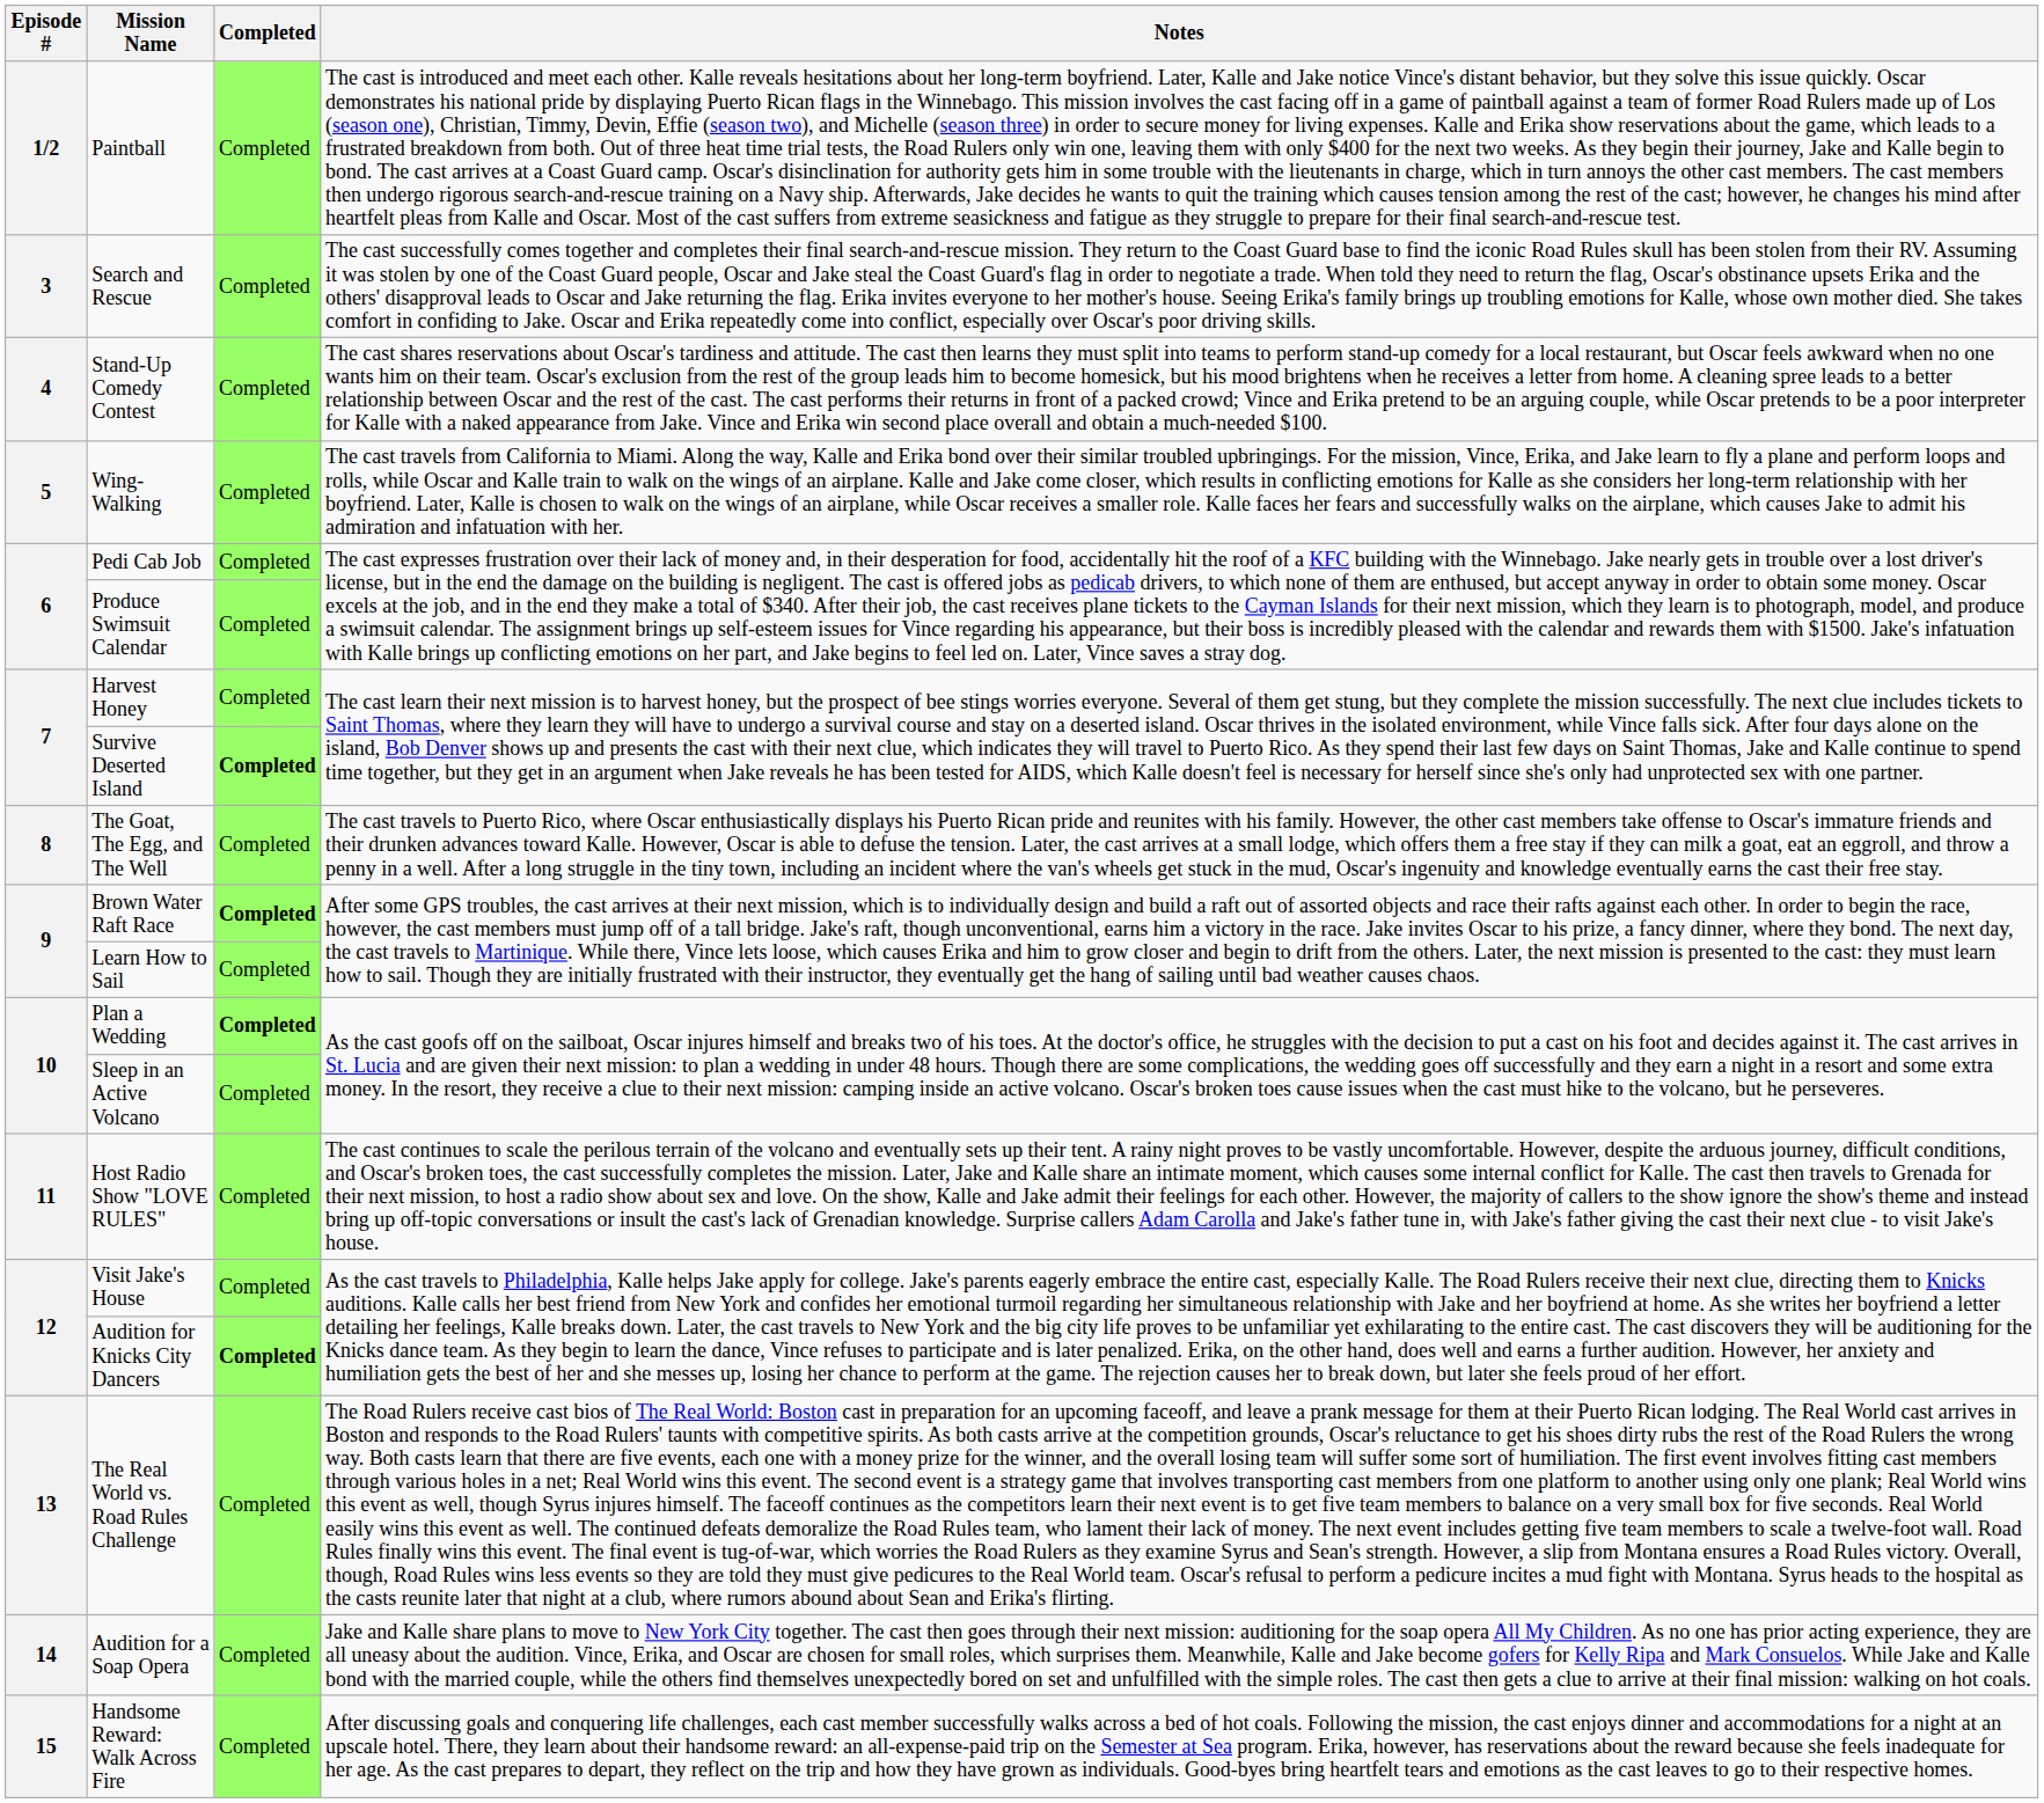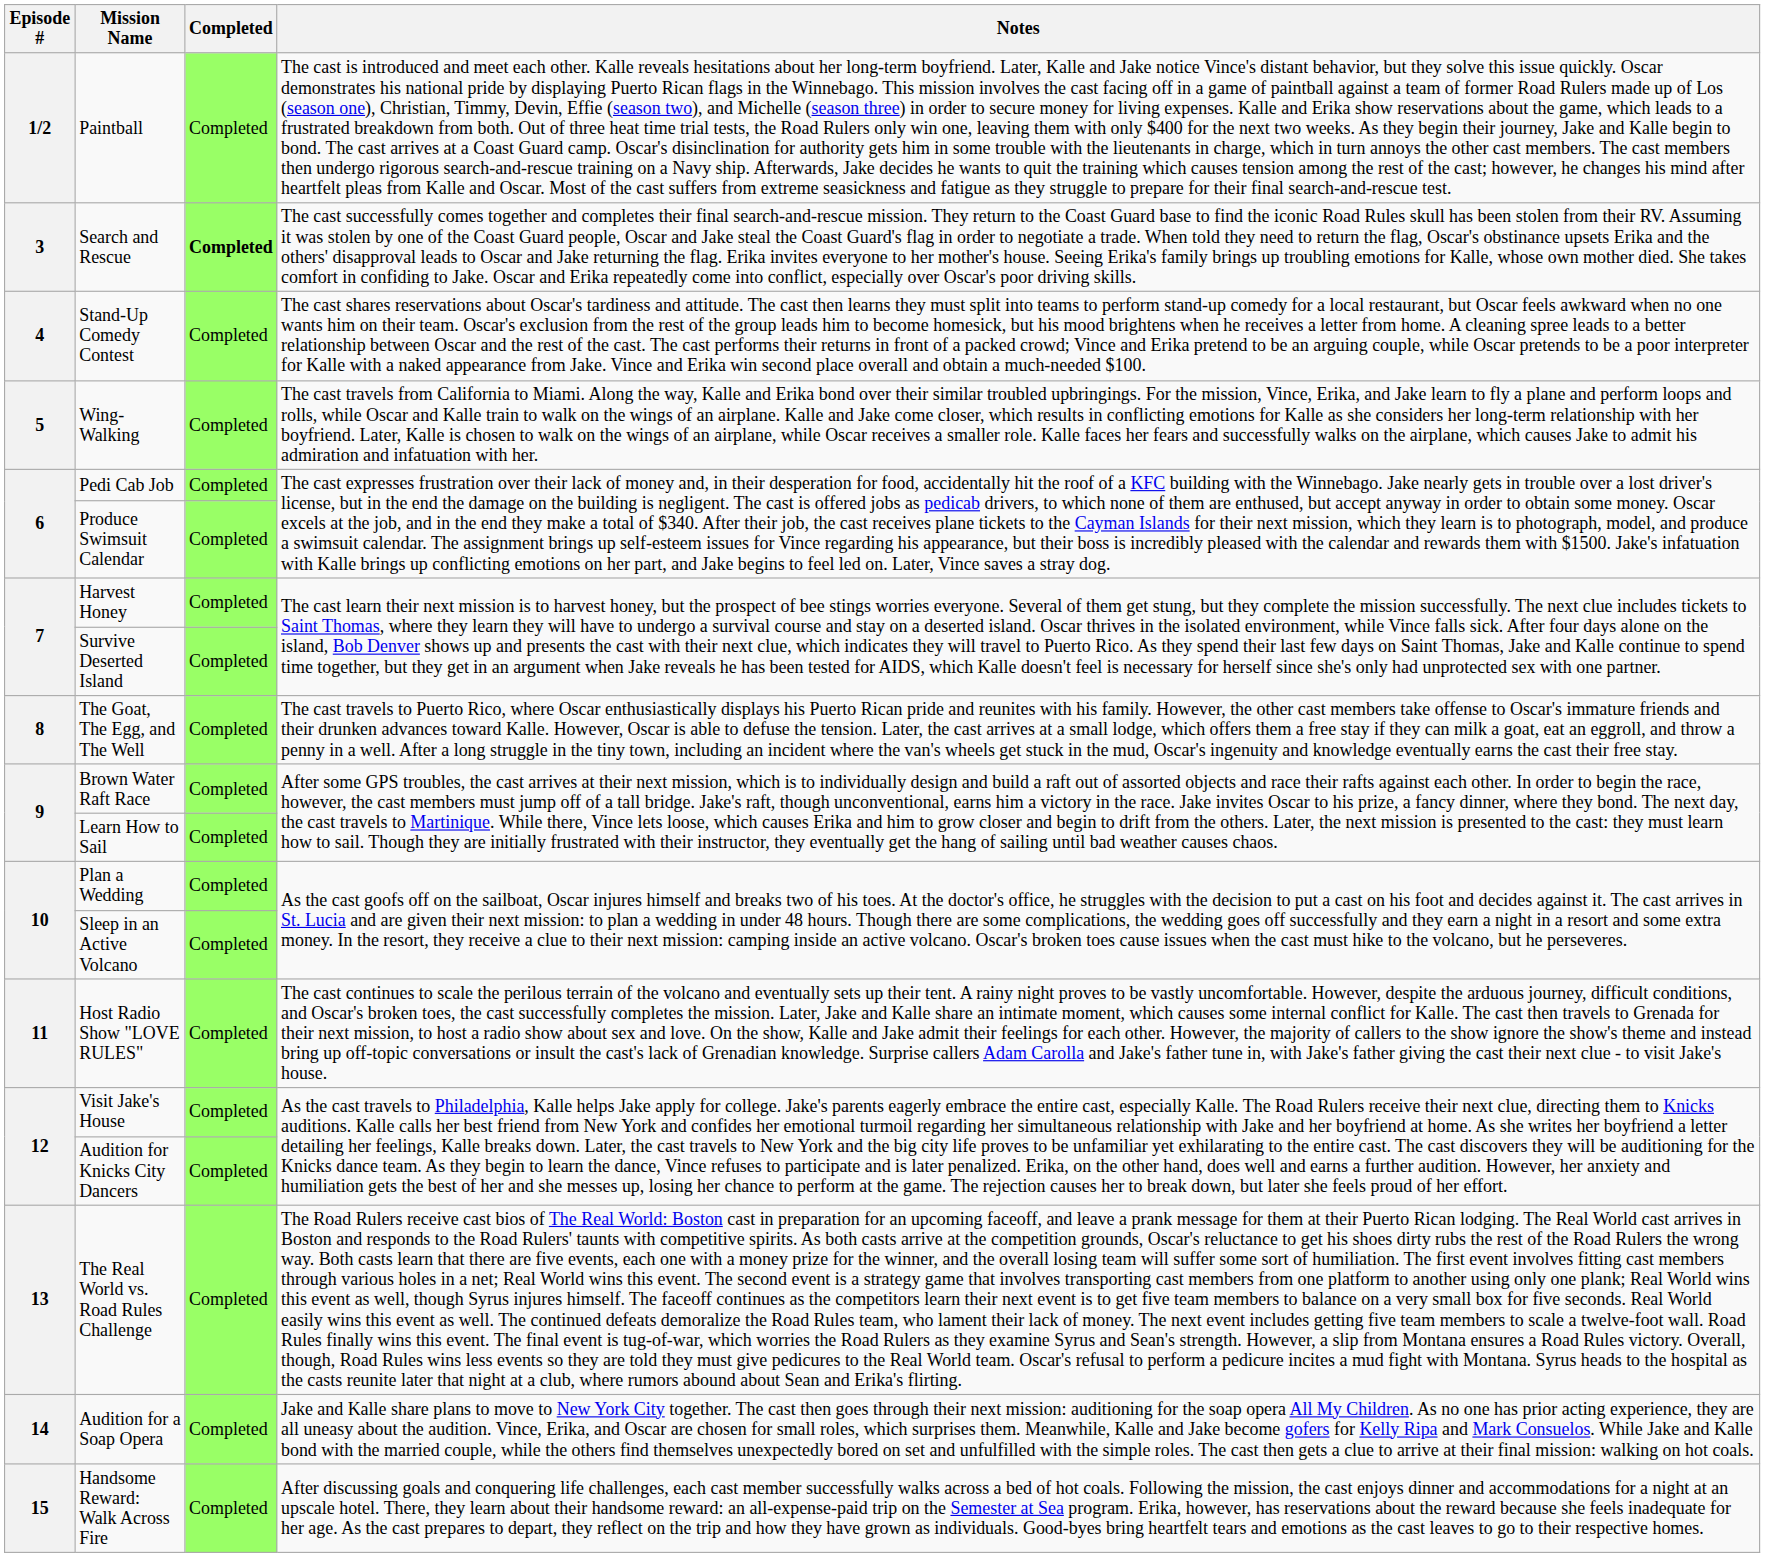 <table class="wikitable">
 <tr>
 <th>Episode #</th>
 <th>Mission Name</th>
 <th>Completed</th>
 <th>Notes</th>
 </tr>
 <tr>
 <th>1/2</th>
 <td>Paintball</td>
 <td bgcolor="#99FF66">Completed</td>
 <td>The cast is introduced and meet each other. Kalle reveals hesitations about her long-term boyfriend. Later, Kalle and Jake notice Vince's distant behavior, but they solve this issue quickly. Oscar demonstrates his national pride by displaying Puerto Rican flags in the Winnebago. This mission involves the cast facing off in a game of paintball against a team of former Road Rulers made up of Los (<a href='#'>season one</a>), Christian, Timmy, Devin, Effie (<a href='#'>season two</a>), and Michelle (<a href='#'>season three</a>) in order to secure money for living expenses. Kalle and Erika show reservations about the game, which leads to a frustrated breakdown from both. Out of three heat time trial tests, the Road Rulers only win one, leaving them with only $400 for the next two weeks. As they begin their journey, Jake and Kalle begin to bond. The cast arrives at a Coast Guard camp. Oscar's disinclination for authority gets him in some trouble with the lieutenants in charge, which in turn annoys the other cast members. The cast members then undergo rigorous search-and-rescue training on a Navy ship. Afterwards, Jake decides he wants to quit the training which causes tension among the rest of the cast; however, he changes his mind after heartfelt pleas from Kalle and Oscar. Most of the cast suffers from extreme seasickness and fatigue as they struggle to prepare for their final search-and-rescue test.</td>
 </tr>
 <tr>
 <th>3</th>
 <td>Search and Rescue</td>
-<td bgcolor="#99FF66">Completed</td>
+<td bgcolor="#99FF66"><strong>Completed</strong></td>
 <td>The cast successfully comes together and completes their final search-and-rescue mission. They return to the Coast Guard base to find the iconic Road Rules skull has been stolen from their RV. Assuming it was stolen by one of the Coast Guard people, Oscar and Jake steal the Coast Guard's flag in order to negotiate a trade. When told they need to return the flag, Oscar's obstinance upsets Erika and the others' disapproval leads to Oscar and Jake returning the flag. Erika invites everyone to her mother's house. Seeing Erika's family brings up troubling emotions for Kalle, whose own mother died. She takes comfort in confiding to Jake. Oscar and Erika repeatedly come into conflict, especially over Oscar's poor driving skills.</td>
 </tr>
 <tr>
 <th>4</th>
 <td>Stand-Up Comedy Contest</td>
 <td bgcolor="#99FF66">Completed</td>
 <td>The cast shares reservations about Oscar's tardiness and attitude. The cast then learns they must split into teams to perform stand-up comedy for a local restaurant, but Oscar feels awkward when no one wants him on their team. Oscar's exclusion from the rest of the group leads him to become homesick, but his mood brightens when he receives a letter from home. A cleaning spree leads to a better relationship between Oscar and the rest of the cast. The cast performs their returns in front of a packed crowd; Vince and Erika pretend to be an arguing couple, while Oscar pretends to be a poor interpreter for Kalle with a naked appearance from Jake. Vince and Erika win second place overall and obtain a much-needed $100.</td>
 </tr>
 <tr>
 <th>5</th>
 <td>Wing-Walking</td>
 <td bgcolor="#99FF66">Completed</td>
 <td>The cast travels from California to Miami. Along the way, Kalle and Erika bond over their similar troubled upbringings. For the mission, Vince, Erika, and Jake learn to fly a plane and perform loops and rolls, while Oscar and Kalle train to walk on the wings of an airplane. Kalle and Jake come closer, which results in conflicting emotions for Kalle as she considers her long-term relationship with her boyfriend. Later, Kalle is chosen to walk on the wings of an airplane, while Oscar receives a smaller role. Kalle faces her fears and successfully walks on the airplane, which causes Jake to admit his admiration and infatuation with her.</td>
 </tr>
 <tr>
 <th rowspan="2">6</th>
 <td>Pedi Cab Job</td>
 <td bgcolor="#99FF66">Completed</td>
 <td rowspan="2">The cast expresses frustration over their lack of money and, in their desperation for food, accidentally hit the roof of a <a href='#'>KFC</a> building with the Winnebago. Jake nearly gets in trouble over a lost driver's license, but in the end the damage on the building is negligent. The cast is offered jobs as <a href='#'>pedicab</a> drivers, to which none of them are enthused, but accept anyway in order to obtain some money. Oscar excels at the job, and in the end they make a total of $340. After their job, the cast receives plane tickets to the <a href='#'>Cayman Islands</a> for their next mission, which they learn is to photograph, model, and produce a swimsuit calendar. The assignment brings up self-esteem issues for Vince regarding his appearance, but their boss is incredibly pleased with the calendar and rewards them with $1500. Jake's infatuation with Kalle brings up conflicting emotions on her part, and Jake begins to feel led on. Later, Vince saves a stray dog.</td>
 </tr>
 <tr>
 <td>Produce Swimsuit Calendar</td>
 <td bgcolor="#99FF66">Completed</td>
 </tr>
 <tr>
 <th rowspan="2">7</th>
 <td>Harvest Honey</td>
 <td bgcolor="#99FF66">Completed</td>
 <td rowspan="2">The cast learn their next mission is to harvest honey, but the prospect of bee stings worries everyone. Several of them get stung, but they complete the mission successfully. The next clue includes tickets to <a href='#'>Saint Thomas</a>, where they learn they will have to undergo a survival course and stay on a deserted island. Oscar thrives in the isolated environment, while Vince falls sick. After four days alone on the island, <a href='#'>Bob Denver</a> shows up and presents the cast with their next clue, which indicates they will travel to Puerto Rico. As they spend their last few days on Saint Thomas, Jake and Kalle continue to spend time together, but they get in an argument when Jake reveals he has been tested for AIDS, which Kalle doesn't feel is necessary for herself since she's only had unprotected sex with one partner.</td>
 </tr>
 <tr>
 <td>Survive Deserted Island</td>
-<td bgcolor="#99FF66"><strong>Completed</strong></td>
+<td bgcolor="#99FF66">Completed</td>
 </tr>
 <tr>
 <th>8</th>
 <td>The Goat, The Egg, and The Well</td>
 <td bgcolor="#99FF66">Completed</td>
 <td>The cast travels to Puerto Rico, where Oscar enthusiastically displays his Puerto Rican pride and reunites with his family. However, the other cast members take offense to Oscar's immature friends and their drunken advances toward Kalle. However, Oscar is able to defuse the tension. Later, the cast arrives at a small lodge, which offers them a free stay if they can milk a goat, eat an eggroll, and throw a penny in a well. After a long struggle in the tiny town, including an incident where the van's wheels get stuck in the mud, Oscar's ingenuity and knowledge eventually earns the cast their free stay.</td>
 </tr>
 <tr>
 <th rowspan="2">9</th>
 <td>Brown Water Raft Race</td>
-<td bgcolor="#99FF66"><strong>Completed</strong></td>
+<td bgcolor="#99FF66">Completed</td>
 <td rowspan="2">After some GPS troubles, the cast arrives at their next mission, which is to individually design and build a raft out of assorted objects and race their rafts against each other. In order to begin the race, however, the cast members must jump off of a tall bridge. Jake's raft, though unconventional, earns him a victory in the race. Jake invites Oscar to his prize, a fancy dinner, where they bond. The next day, the cast travels to <a href='#'>Martinique</a>. While there, Vince lets loose, which causes Erika and him to grow closer and begin to drift from the others. Later, the next mission is presented to the cast: they must learn how to sail. Though they are initially frustrated with their instructor, they eventually get the hang of sailing until bad weather causes chaos.</td>
 </tr>
 <tr>
 <td>Learn How to Sail</td>
 <td bgcolor="#99FF66">Completed</td>
 </tr>
 <tr>
 <th rowspan="2">10</th>
 <td>Plan a Wedding</td>
-<td bgcolor="#99FF66"><strong>Completed</strong></td>
+<td bgcolor="#99FF66">Completed</td>
 <td rowspan="2">As the cast goofs off on the sailboat, Oscar injures himself and breaks two of his toes. At the doctor's office, he struggles with the decision to put a cast on his foot and decides against it. The cast arrives in <a href='#'>St. Lucia</a> and are given their next mission: to plan a wedding in under 48 hours. Though there are some complications, the wedding goes off successfully and they earn a night in a resort and some extra money. In the resort, they receive a clue to their next mission: camping inside an active volcano. Oscar's broken toes cause issues when the cast must hike to the volcano, but he perseveres.</td>
 </tr>
 <tr>
 <td>Sleep in an Active Volcano</td>
 <td bgcolor="#99FF66">Completed</td>
 </tr>
 <tr>
 <th>11</th>
 <td>Host Radio Show "LOVE RULES"</td>
 <td bgcolor="#99FF66">Completed</td>
 <td>The cast continues to scale the perilous terrain of the volcano and eventually sets up their tent. A rainy night proves to be vastly uncomfortable. However, despite the arduous journey, difficult conditions, and Oscar's broken toes, the cast successfully completes the mission. Later, Jake and Kalle share an intimate moment, which causes some internal conflict for Kalle. The cast then travels to Grenada for their next mission, to host a radio show about sex and love. On the show, Kalle and Jake admit their feelings for each other. However, the majority of callers to the show ignore the show's theme and instead bring up off-topic conversations or insult the cast's lack of Grenadian knowledge. Surprise callers <a href='#'>Adam Carolla</a> and Jake's father tune in, with Jake's father giving the cast their next clue - to visit Jake's house.</td>
 </tr>
 <tr>
 <th rowspan="2">12</th>
 <td>Visit Jake's House</td>
 <td bgcolor="#99FF66">Completed</td>
 <td rowspan="2">As the cast travels to <a href='#'>Philadelphia</a>, Kalle helps Jake apply for college. Jake's parents eagerly embrace the entire cast, especially Kalle. The Road Rulers receive their next clue, directing them to <a href='#'>Knicks</a> auditions. Kalle calls her best friend from New York and confides her emotional turmoil regarding her simultaneous relationship with Jake and her boyfriend at home. As she writes her boyfriend a letter detailing her feelings, Kalle breaks down. Later, the cast travels to New York and the big city life proves to be unfamiliar yet exhilarating to the entire cast. The cast discovers they will be auditioning for the Knicks dance team. As they begin to learn the dance, Vince refuses to participate and is later penalized. Erika, on the other hand, does well and earns a further audition. However, her anxiety and humiliation gets the best of her and she messes up, losing her chance to perform at the game. The rejection causes her to break down, but later she feels proud of her effort.</td>
 </tr>
 <tr>
 <td>Audition for Knicks City Dancers</td>
-<td bgcolor="#99FF66"><strong>Completed</strong></td>
+<td bgcolor="#99FF66">Completed</td>
 </tr>
 <tr>
 <th>13</th>
 <td>The Real World vs. Road Rules Challenge</td>
 <td bgcolor="#99FF66">Completed</td>
 <td>The Road Rulers receive cast bios of <a href='#'>The Real World: Boston</a> cast in preparation for an upcoming faceoff, and leave a prank message for them at their Puerto Rican lodging. The Real World cast arrives in Boston and responds to the Road Rulers' taunts with competitive spirits. As both casts arrive at the competition grounds, Oscar's reluctance to get his shoes dirty rubs the rest of the Road Rulers the wrong way. Both casts learn that there are five events, each one with a money prize for the winner, and the overall losing team will suffer some sort of humiliation. The first event involves fitting cast members through various holes in a net; Real World wins this event. The second event is a strategy game that involves transporting cast members from one platform to another using only one plank; Real World wins this event as well, though Syrus injures himself. The faceoff continues as the competitors learn their next event is to get five team members to balance on a very small box for five seconds. Real World easily wins this event as well. The continued defeats demoralize the Road Rules team, who lament their lack of money. The next event includes getting five team members to scale a twelve-foot wall. Road Rules finally wins this event. The final event is tug-of-war, which worries the Road Rulers as they examine Syrus and Sean's strength. However, a slip from Montana ensures a Road Rules victory. Overall, though, Road Rules wins less events so they are told they must give pedicures to the Real World team. Oscar's refusal to perform a pedicure incites a mud fight with Montana. Syrus heads to the hospital as the casts reunite later that night at a club, where rumors abound about Sean and Erika's flirting.</td>
 </tr>
 <tr>
 <th>14</th>
 <td>Audition for a Soap Opera</td>
 <td bgcolor="#99FF66">Completed</td>
 <td>Jake and Kalle share plans to move to <a href='#'>New York City</a> together. The cast then goes through their next mission: auditioning for the soap opera <a href='#'>All My Children</a>. As no one has prior acting experience, they are all uneasy about the audition. Vince, Erika, and Oscar are chosen for small roles, which surprises them. Meanwhile, Kalle and Jake become <a href='#'>gofers</a> for <a href='#'>Kelly Ripa</a> and <a href='#'>Mark Consuelos</a>. While Jake and Kalle bond with the married couple, while the others find themselves unexpectedly bored on set and unfulfilled with the simple roles. The cast then gets a clue to arrive at their final mission: walking on hot coals.</td>
 </tr>
 <tr>
 <th>15</th>
 <td>Handsome Reward: Walk Across Fire</td>
 <td bgcolor="#99FF66">Completed</td>
 <td>After discussing goals and conquering life challenges, each cast member successfully walks across a bed of hot coals. Following the mission, the cast enjoys dinner and accommodations for a night at an upscale hotel. There, they learn about their handsome reward: an all-expense-paid trip on the <a href='#'>Semester at Sea</a> program. Erika, however, has reservations about the reward because she feels inadequate for her age. As the cast prepares to depart, they reflect on the trip and how they have grown as individuals. Good-byes bring heartfelt tears and emotions as the cast leaves to go to their respective homes.</td>
 </tr>
 </table>
